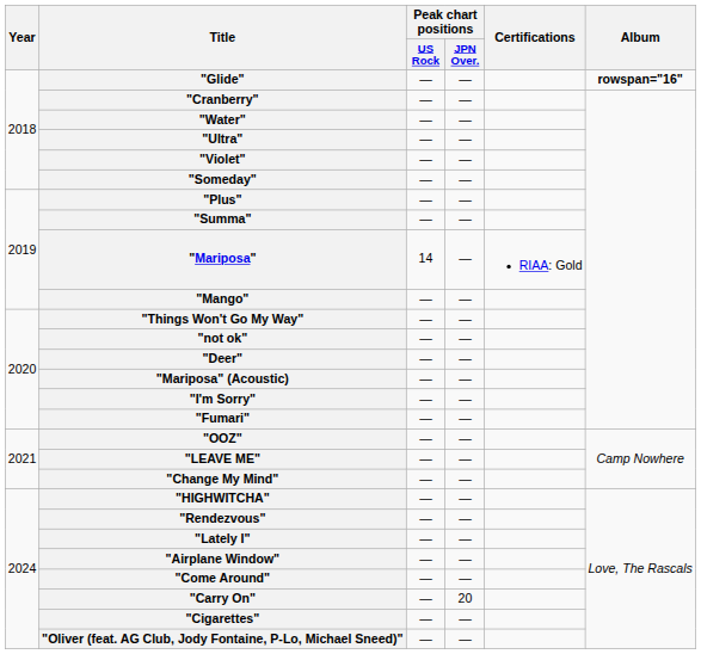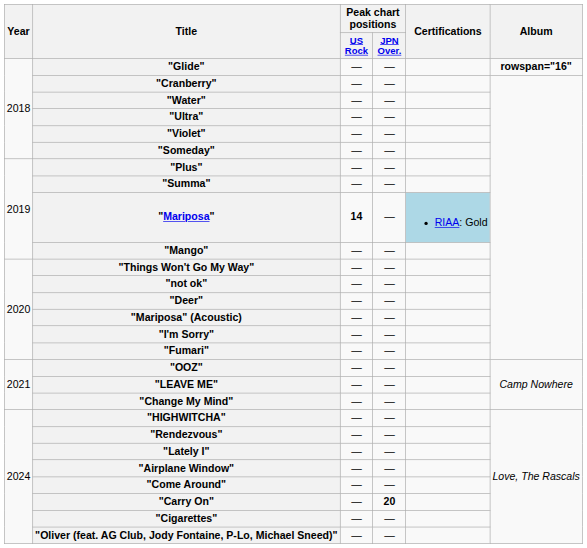 <table class="wikitable plainrowheaders" style="text-align:center;">
 <tr>
 <th scope="col" rowspan="2">Year</th>
 <th scope="col" rowspan="2">Title</th>
 <th scope="col" colspan="2">Peak chart positions</th>
 <th scope="col" rowspan="2">Certifications</th>
 <th scope="col" rowspan="2">Album</th>
 </tr>
 <tr>
 <th scope="col" style="width:3em;font-size:90%;"><a href='#'>US<br>Rock</a><br></th>
 <th scope="col" style="width:3em;font-size:90%;"><a href='#'>JPN<br>Over.</a><br></th>
 </tr>
 <tr>
 <td align="center" rowspan="6">2018</td>
 <th scope="row">"Glide"</th>
 <td>—</td>
 <td>—</td>
 <td></td>
 <td><strong>rowspan="16" </strong></td>
 </tr>
 <tr>
 <th scope="row">"Cranberry"</th>
 <td>—</td>
 <td>—</td>
 <td></td>
 </tr>
 <tr>
 <th scope="row">"Water"</th>
 <td>—</td>
 <td>—</td>
 <td></td>
 </tr>
 <tr>
 <th scope="row">"Ultra"</th>
 <td>—</td>
 <td>—</td>
 <td></td>
 </tr>
 <tr>
 <th scope="row">"Violet"</th>
 <td>—</td>
 <td>—</td>
 <td></td>
 </tr>
 <tr>
 <th scope="row">"Someday"</th>
 <td>—</td>
 <td>—</td>
 <td></td>
 </tr>
 <tr>
 <td align="center" rowspan="4">2019</td>
 <th scope="row">"Plus"</th>
 <td>—</td>
 <td>—</td>
 <td></td>
 </tr>
 <tr>
 <th scope="row">"Summa"</th>
 <td>—</td>
 <td>—</td>
 <td></td>
 </tr>
 <tr>
 <th scope="row">"<a href='#'>Mariposa</a>"</th>
-<td>14</td>
+<td><strong>14</strong></td>
 <td>—</td>
-<td><br><ul><li><a href='#'>RIAA</a>: Gold</li></ul></td>
+<td style="background: lightblue;"><br><ul><li><a href='#'>RIAA</a>: Gold</li></ul></td>
 </tr>
 <tr>
 <th scope="row">"Mango"</th>
 <td>—</td>
 <td>—</td>
 <td></td>
 </tr>
 <tr>
 <td align="center" rowspan="6">2020</td>
 <th scope="row">"Things Won't Go My Way"</th>
 <td>—</td>
 <td>—</td>
 <td></td>
 </tr>
 <tr>
 <th scope="row">"not ok"</th>
 <td>—</td>
 <td>—</td>
 <td></td>
 </tr>
 <tr>
 <th scope="row">"Deer"</th>
 <td>—</td>
 <td>—</td>
 <td></td>
 </tr>
 <tr>
 <th scope="row">"Mariposa" (Acoustic)</th>
 <td>—</td>
 <td>—</td>
 <td></td>
 </tr>
 <tr>
 <th scope="row">"I'm Sorry"</th>
 <td>—</td>
 <td>—</td>
 <td></td>
 </tr>
 <tr>
 <th scope="row">"Fumari"</th>
 <td>—</td>
 <td>—</td>
 <td></td>
 </tr>
 <tr>
 <td rowspan="3" align="center">2021</td>
 <th scope="row">"OOZ"</th>
 <td>—</td>
 <td>—</td>
 <td></td>
 <td rowspan="3" align="center"><em>Camp Nowhere</em></td>
 </tr>
 <tr>
 <th scope="row">"LEAVE ME"</th>
 <td>—</td>
 <td>—</td>
 <td></td>
 </tr>
 <tr>
 <th scope="row">"Change My Mind"</th>
 <td>—</td>
 <td>—</td>
 <td></td>
 </tr>
 <tr>
 <td rowspan="8">2024</td>
 <th scope="row">"HIGHWITCHA"</th>
 <td>—</td>
 <td>—</td>
 <td></td>
 <td rowspan="8" align="center"><em>Love, The Rascals</em></td>
 </tr>
 <tr>
 <th scope="row">"Rendezvous"</th>
 <td>—</td>
 <td>—</td>
 <td></td>
 </tr>
 <tr>
 <th scope="row">"Lately I"</th>
 <td>—</td>
 <td>—</td>
 <td></td>
 </tr>
 <tr>
 <th scope="row">"Airplane Window"</th>
 <td>—</td>
 <td>—</td>
 <td></td>
 </tr>
 <tr>
 <th scope="row">"Come Around"</th>
 <td>—</td>
 <td>—</td>
 <td></td>
 </tr>
 <tr>
 <th scope="row">"Carry On"</th>
 <td>—</td>
-<td>20</td>
+<td><strong>20</strong></td>
 <td></td>
 </tr>
 <tr>
 <th scope="row">"Cigarettes"</th>
 <td>—</td>
 <td>—</td>
 <td></td>
 </tr>
 <tr>
 <th scope="row">"Oliver (feat. AG Club, Jody Fontaine, P-Lo, Michael Sneed)"</th>
 <td>—</td>
 <td>—</td>
 <td></td>
 </tr>
 </table>
